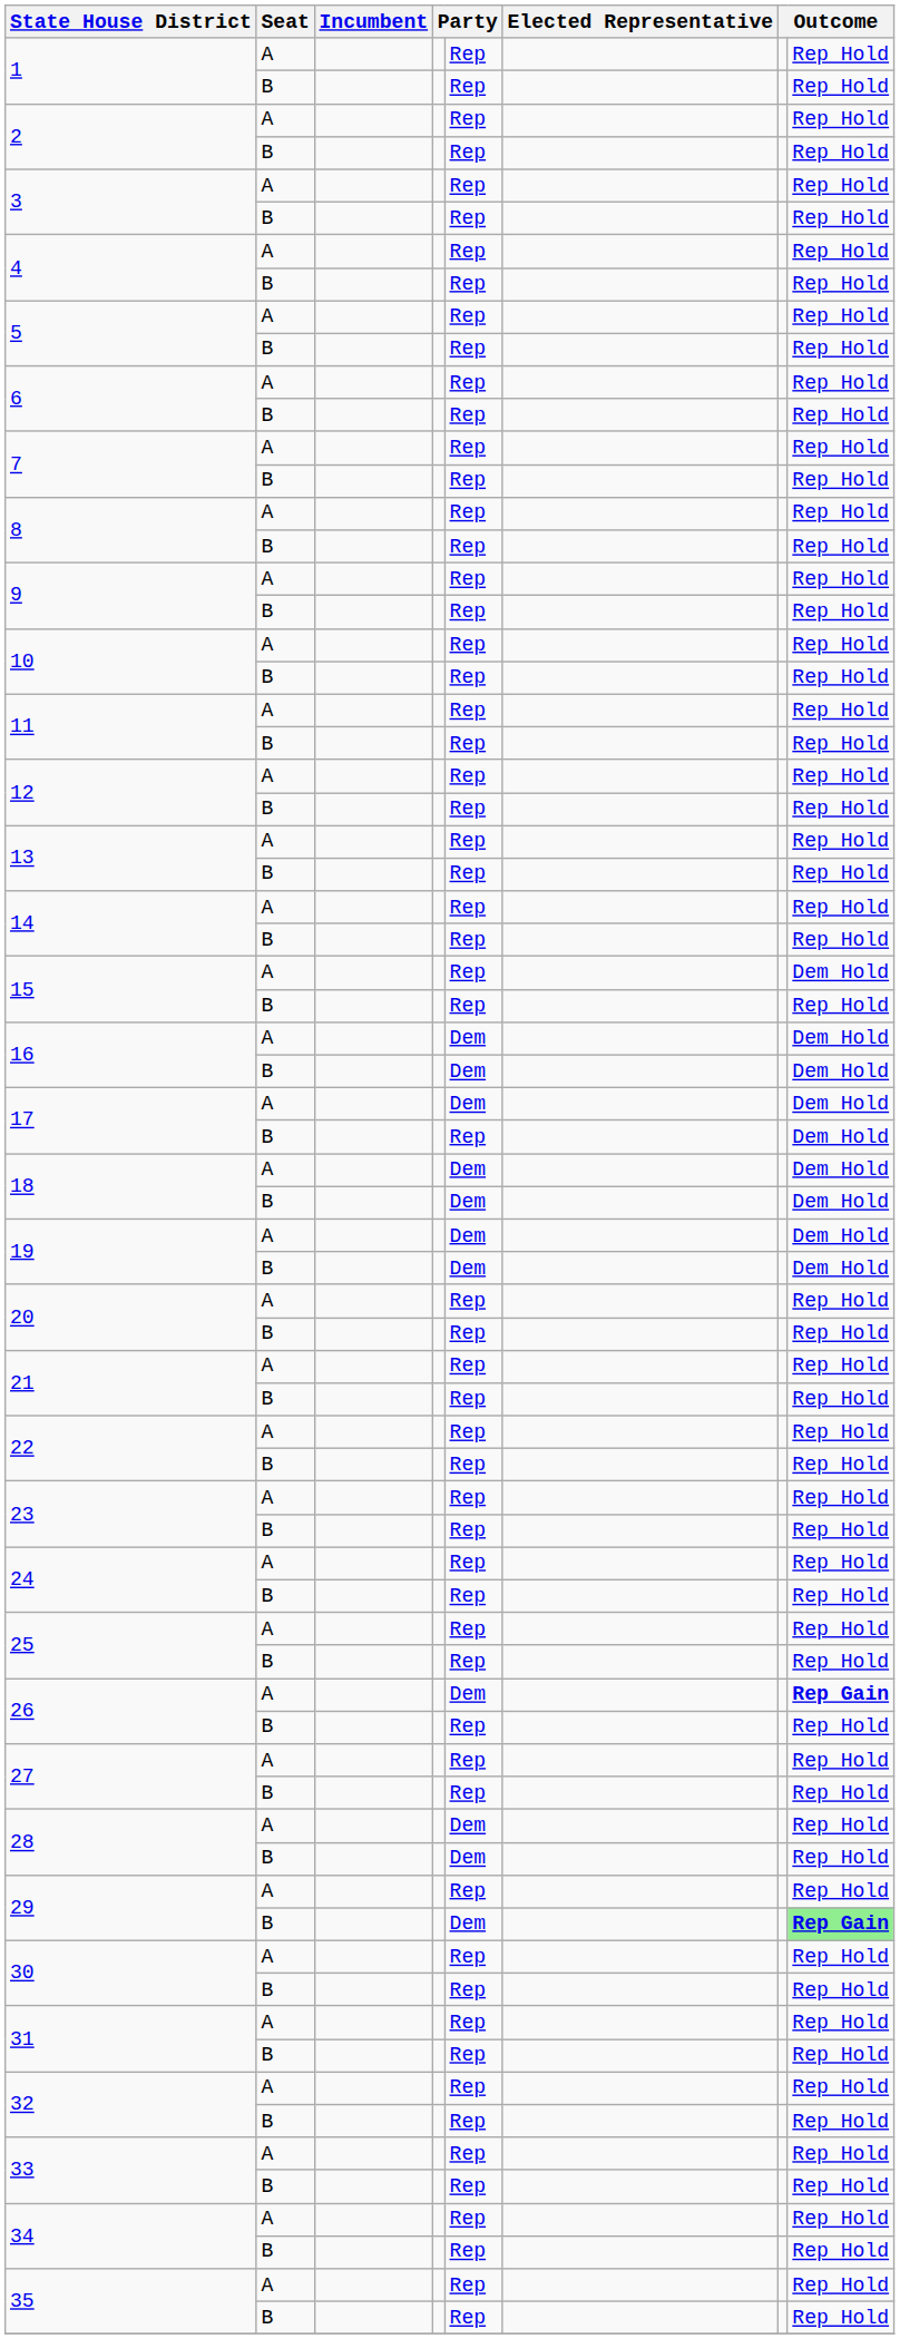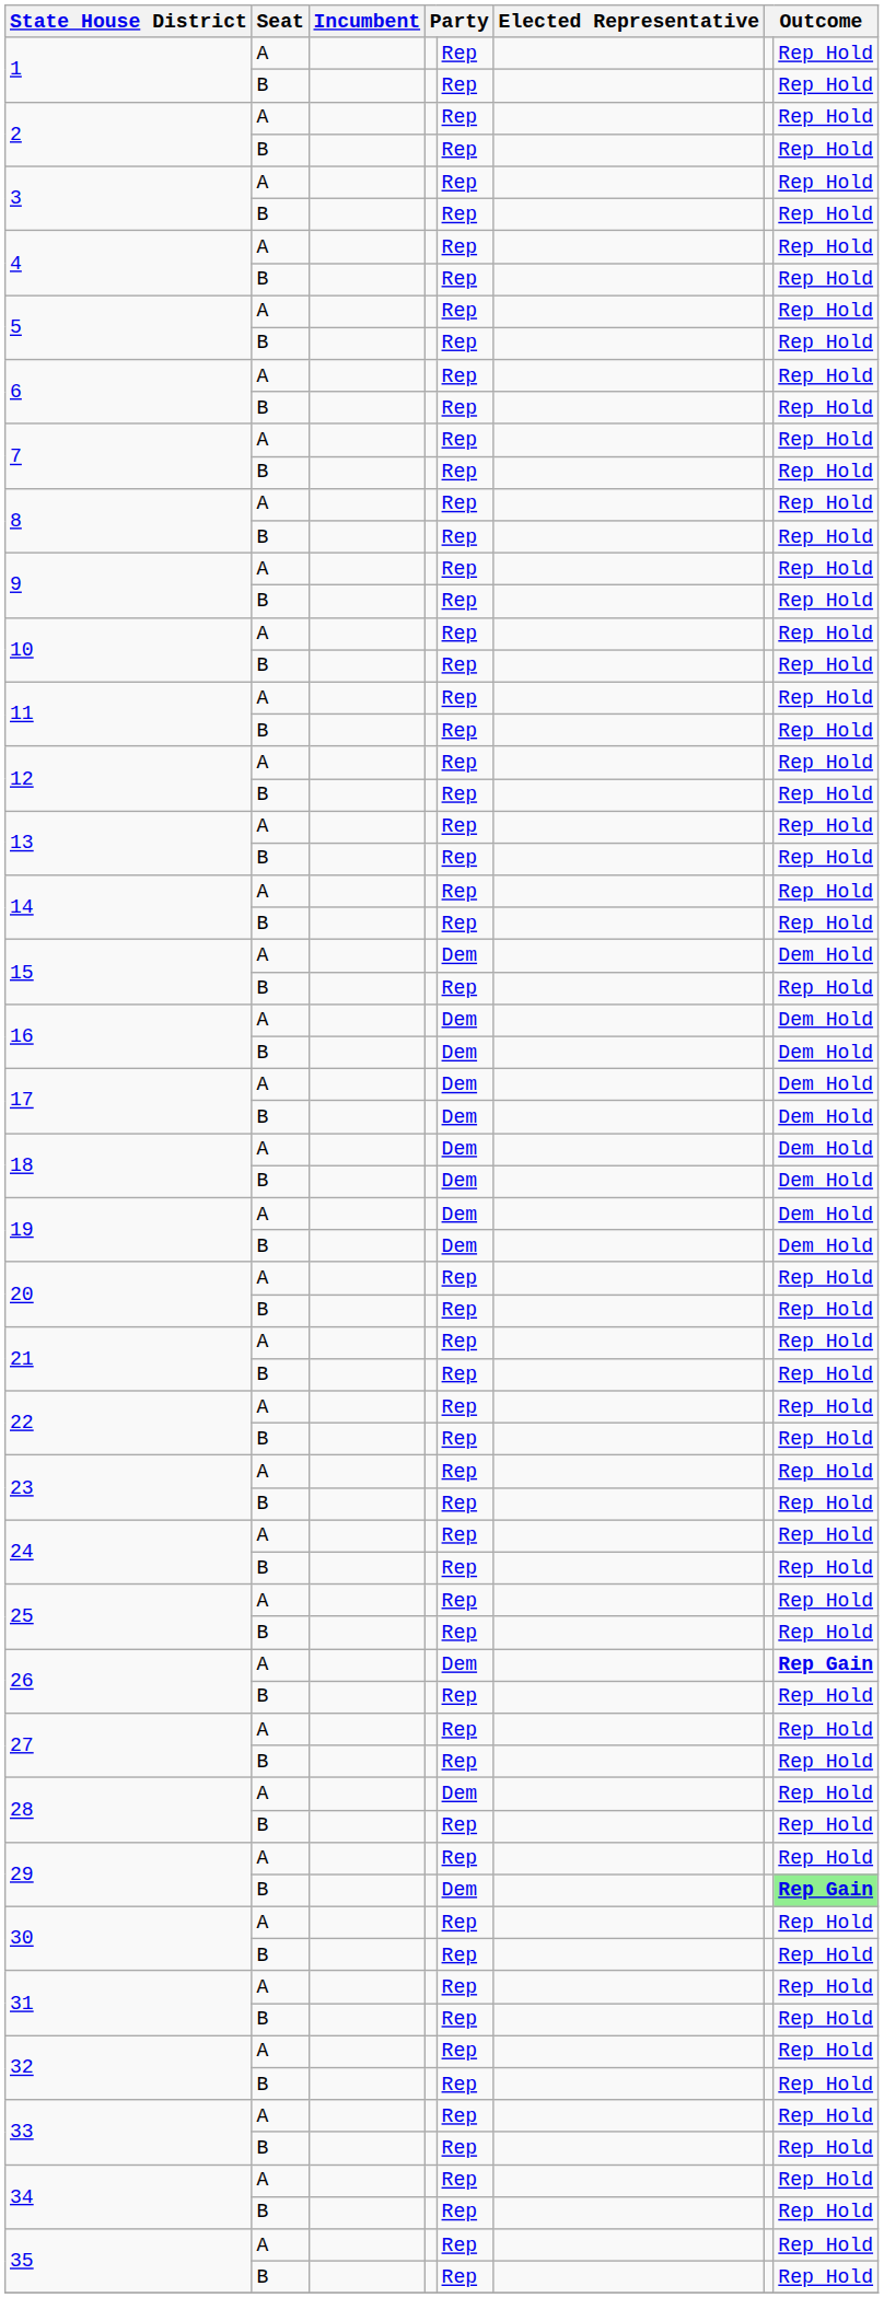 <table class="wikitable sortable">
 <tr>
 <th><a href='#'>State House</a> District</th>
 <th>Seat</th>
 <th><a href='#'>Incumbent</a></th>
 <th colspan="2">Party</th>
 <th>Elected Representative</th>
 <th colspan="2">Outcome</th>
 </tr>
 <tr>
 <td rowspan="2"><a href='#'>1</a></td>
 <td>A</td>
 <td></td>
 <td style="background:"></td>
 <td><a href='#'>Rep</a></td>
 <td></td>
 <td style="background:"></td>
 <td><a href='#'>Rep Hold</a></td>
 </tr>
 <tr>
 <td>B</td>
 <td></td>
 <td style="background:"></td>
 <td><a href='#'>Rep</a></td>
 <td><em></em></td>
 <td style="background:"></td>
 <td><a href='#'>Rep Hold</a></td>
 </tr>
 <tr>
 <td rowspan="2"><a href='#'>2</a></td>
 <td>A</td>
 <td></td>
 <td style="background:"></td>
 <td><a href='#'>Rep</a></td>
 <td></td>
 <td style="background:"></td>
 <td><a href='#'>Rep Hold</a></td>
 </tr>
 <tr>
 <td>B</td>
 <td></td>
 <td style="background:"></td>
 <td><a href='#'>Rep</a></td>
 <td></td>
 <td style="background:"></td>
 <td><a href='#'>Rep Hold</a></td>
 </tr>
 <tr>
 <td rowspan="2"><a href='#'>3</a></td>
 <td>A</td>
 <td></td>
 <td style="background:"></td>
 <td><a href='#'>Rep</a></td>
 <td></td>
 <td style="background:"></td>
 <td><a href='#'>Rep Hold</a></td>
 </tr>
 <tr>
 <td>B</td>
 <td></td>
 <td style="background:"></td>
 <td><a href='#'>Rep</a></td>
 <td></td>
 <td style="background:"></td>
 <td><a href='#'>Rep Hold</a></td>
 </tr>
 <tr>
 <td rowspan="2"><a href='#'>4</a></td>
 <td>A</td>
 <td></td>
 <td style="background:"></td>
 <td><a href='#'>Rep</a></td>
 <td></td>
 <td style="background:"></td>
 <td><a href='#'>Rep Hold</a></td>
 </tr>
 <tr>
 <td>B</td>
 <td></td>
 <td style="background:"></td>
 <td><a href='#'>Rep</a></td>
 <td></td>
 <td style="background:"></td>
 <td><a href='#'>Rep Hold</a></td>
 </tr>
 <tr>
 <td rowspan="2"><a href='#'>5</a></td>
 <td>A</td>
 <td></td>
 <td style="background:"></td>
 <td><a href='#'>Rep</a></td>
 <td></td>
 <td style="background:"></td>
 <td><a href='#'>Rep Hold</a></td>
 </tr>
 <tr>
 <td>B</td>
 <td></td>
 <td style="background:"></td>
 <td><a href='#'>Rep</a></td>
 <td></td>
 <td style="background:"></td>
 <td><a href='#'>Rep Hold</a></td>
 </tr>
 <tr>
 <td rowspan="2"><a href='#'>6</a></td>
 <td>A</td>
 <td></td>
 <td style="background:"></td>
 <td><a href='#'>Rep</a></td>
 <td></td>
 <td style="background:"></td>
 <td><a href='#'>Rep Hold</a></td>
 </tr>
 <tr>
 <td>B</td>
 <td></td>
 <td style="background:"></td>
 <td><a href='#'>Rep</a></td>
 <td></td>
 <td style="background:"></td>
 <td><a href='#'>Rep Hold</a></td>
 </tr>
 <tr>
 <td rowspan="2"><a href='#'>7</a></td>
 <td>A</td>
 <td></td>
 <td style="background:"></td>
 <td><a href='#'>Rep</a></td>
 <td><em></em></td>
 <td style="background:"></td>
 <td><a href='#'>Rep Hold</a></td>
 </tr>
 <tr>
 <td>B</td>
 <td></td>
 <td style="background:"></td>
 <td><a href='#'>Rep</a></td>
 <td></td>
 <td style="background:"></td>
 <td><a href='#'>Rep Hold</a></td>
 </tr>
 <tr>
 <td rowspan="2"><a href='#'>8</a></td>
 <td>A</td>
 <td></td>
 <td style="background:"></td>
 <td><a href='#'>Rep</a></td>
 <td><em></em></td>
 <td style="background:"></td>
 <td><a href='#'>Rep Hold</a></td>
 </tr>
 <tr>
 <td>B</td>
 <td></td>
 <td style="background:"></td>
 <td><a href='#'>Rep</a></td>
 <td><em></em></td>
 <td style="background:"></td>
 <td><a href='#'>Rep Hold</a></td>
 </tr>
 <tr>
 <td rowspan="2"><a href='#'>9</a></td>
 <td>A</td>
 <td></td>
 <td style="background:"></td>
 <td><a href='#'>Rep</a></td>
 <td><em></em></td>
 <td style="background:"></td>
 <td><a href='#'>Rep Hold</a></td>
 </tr>
 <tr>
 <td>B</td>
 <td></td>
 <td style="background:"></td>
 <td><a href='#'>Rep</a></td>
 <td></td>
 <td style="background:"></td>
 <td><a href='#'>Rep Hold</a></td>
 </tr>
 <tr>
 <td rowspan="2"><a href='#'>10</a></td>
 <td>A</td>
 <td></td>
 <td style="background:"></td>
 <td><a href='#'>Rep</a></td>
 <td></td>
 <td style="background:"></td>
 <td><a href='#'>Rep Hold</a></td>
 </tr>
 <tr>
 <td>B</td>
 <td></td>
 <td style="background:"></td>
 <td><a href='#'>Rep</a></td>
 <td></td>
 <td style="background:"></td>
 <td><a href='#'>Rep Hold</a></td>
 </tr>
 <tr>
 <td rowspan="2"><a href='#'>11</a></td>
 <td>A</td>
 <td></td>
 <td style="background:"></td>
 <td><a href='#'>Rep</a></td>
 <td><em></em></td>
 <td style="background:"></td>
 <td><a href='#'>Rep Hold</a></td>
 </tr>
 <tr>
 <td>B</td>
 <td></td>
 <td style="background:"></td>
 <td><a href='#'>Rep</a></td>
 <td><em></em></td>
 <td style="background:"></td>
 <td><a href='#'>Rep Hold</a></td>
 </tr>
 <tr>
 <td rowspan="2"><a href='#'>12</a></td>
 <td>A</td>
 <td></td>
 <td style="background:"></td>
 <td><a href='#'>Rep</a></td>
 <td></td>
 <td style="background:"></td>
 <td><a href='#'>Rep Hold</a></td>
 </tr>
 <tr>
 <td>B</td>
 <td></td>
 <td style="background:"></td>
 <td><a href='#'>Rep</a></td>
 <td></td>
 <td style="background:"></td>
 <td><a href='#'>Rep Hold</a></td>
 </tr>
 <tr>
 <td rowspan="2"><a href='#'>13</a></td>
 <td>A</td>
 <td></td>
 <td style="background:"></td>
 <td><a href='#'>Rep</a></td>
 <td></td>
 <td style="background:"></td>
 <td><a href='#'>Rep Hold</a></td>
 </tr>
 <tr>
 <td>B</td>
 <td></td>
 <td style="background:"></td>
 <td><a href='#'>Rep</a></td>
 <td><em></em></td>
 <td style="background:"></td>
 <td><a href='#'>Rep Hold</a></td>
 </tr>
 <tr>
 <td rowspan="2"><a href='#'>14</a></td>
 <td>A</td>
 <td></td>
 <td style="background:"></td>
 <td><a href='#'>Rep</a></td>
 <td></td>
 <td style="background:"></td>
 <td><a href='#'>Rep Hold</a></td>
 </tr>
 <tr>
 <td>B</td>
 <td></td>
 <td style="background:"></td>
 <td><a href='#'>Rep</a></td>
 <td></td>
 <td style="background:"></td>
 <td><a href='#'>Rep Hold</a></td>
 </tr>
 <tr>
 <td rowspan="2"><a href='#'>15</a></td>
 <td>A</td>
 <td></td>
 <td style="background:"></td>
-<td><a href='#'>Rep</a></td>
+<td><a href='#'>Dem</a></td>
 <td></td>
 <td style="background:"></td>
 <td><a href='#'>Dem Hold</a></td>
 </tr>
 <tr>
 <td>B</td>
 <td></td>
 <td style="background:"></td>
 <td><a href='#'>Rep</a></td>
 <td></td>
 <td style="background:"></td>
 <td><a href='#'>Rep Hold</a></td>
 </tr>
 <tr>
 <td rowspan="2"><a href='#'>16</a></td>
 <td>A</td>
 <td></td>
 <td style="background:"></td>
 <td><a href='#'>Dem</a></td>
 <td></td>
 <td style="background:"></td>
 <td><a href='#'>Dem Hold</a></td>
 </tr>
 <tr>
 <td>B</td>
 <td></td>
 <td style="background:"></td>
 <td><a href='#'>Dem</a></td>
 <td></td>
 <td style="background:"></td>
 <td><a href='#'>Dem Hold</a></td>
 </tr>
 <tr>
 <td rowspan="2"><a href='#'>17</a></td>
 <td>A</td>
 <td></td>
 <td style="background:"></td>
 <td><a href='#'>Dem</a></td>
 <td></td>
 <td style="background:"></td>
 <td><a href='#'>Dem Hold</a></td>
 </tr>
 <tr>
 <td>B</td>
 <td></td>
 <td style="background:"></td>
-<td><a href='#'>Rep</a></td>
+<td><a href='#'>Dem</a></td>
 <td></td>
 <td style="background:"></td>
 <td><a href='#'>Dem Hold</a></td>
 </tr>
 <tr>
 <td rowspan="2"><a href='#'>18</a></td>
 <td>A</td>
 <td></td>
 <td style="background:"></td>
 <td><a href='#'>Dem</a></td>
 <td></td>
 <td style="background:"></td>
 <td><a href='#'>Dem Hold</a></td>
 </tr>
 <tr>
 <td>B</td>
 <td></td>
 <td style="background:"></td>
 <td><a href='#'>Dem</a></td>
 <td></td>
 <td style="background:"></td>
 <td><a href='#'>Dem Hold</a></td>
 </tr>
 <tr>
 <td rowspan="2"><a href='#'>19</a></td>
 <td>A</td>
 <td></td>
 <td style="background:"></td>
 <td><a href='#'>Dem</a></td>
 <td><em></em></td>
 <td style="background:"></td>
 <td><a href='#'>Dem Hold</a></td>
 </tr>
 <tr>
 <td>B</td>
 <td></td>
 <td style="background:"></td>
 <td><a href='#'>Dem</a></td>
 <td></td>
 <td style="background:"></td>
 <td><a href='#'>Dem Hold</a></td>
 </tr>
 <tr>
 <td rowspan="2"><a href='#'>20</a></td>
 <td>A</td>
 <td></td>
 <td style="background:"></td>
 <td><a href='#'>Rep</a></td>
 <td></td>
 <td style="background:"></td>
 <td><a href='#'>Rep Hold</a></td>
 </tr>
 <tr>
 <td>B</td>
 <td></td>
 <td style="background:"></td>
 <td><a href='#'>Rep</a></td>
 <td></td>
 <td style="background:"></td>
 <td><a href='#'>Rep Hold</a></td>
 </tr>
 <tr>
 <td rowspan="2"><a href='#'>21</a></td>
 <td>A</td>
 <td></td>
 <td style="background:"></td>
 <td><a href='#'>Rep</a></td>
 <td></td>
 <td style="background:"></td>
 <td><a href='#'>Rep Hold</a></td>
 </tr>
 <tr>
 <td>B</td>
 <td></td>
 <td style="background:"></td>
 <td><a href='#'>Rep</a></td>
 <td></td>
 <td style="background:"></td>
 <td><a href='#'>Rep Hold</a></td>
 </tr>
 <tr>
 <td rowspan="2"><a href='#'>22</a></td>
 <td>A</td>
 <td></td>
 <td style="background:"></td>
 <td><a href='#'>Rep</a></td>
 <td></td>
 <td style="background:"></td>
 <td><a href='#'>Rep Hold</a></td>
 </tr>
 <tr>
 <td>B</td>
 <td></td>
 <td style="background:"></td>
 <td><a href='#'>Rep</a></td>
 <td></td>
 <td style="background:"></td>
 <td><a href='#'>Rep Hold</a></td>
 </tr>
 <tr>
 <td rowspan="2"><a href='#'>23</a></td>
 <td>A</td>
 <td></td>
 <td style="background:"></td>
 <td><a href='#'>Rep</a></td>
 <td><em></em></td>
 <td style="background:"></td>
 <td><a href='#'>Rep Hold</a></td>
 </tr>
 <tr>
 <td>B</td>
 <td></td>
 <td style="background:"></td>
 <td><a href='#'>Rep</a></td>
 <td><em></em></td>
 <td style="background:"></td>
 <td><a href='#'>Rep Hold</a></td>
 </tr>
 <tr>
 <td rowspan="2"><a href='#'>24</a></td>
 <td>A</td>
 <td></td>
 <td style="background:"></td>
 <td><a href='#'>Rep</a></td>
 <td><em></em></td>
 <td style="background:"></td>
 <td><a href='#'>Rep Hold</a></td>
 </tr>
 <tr>
 <td>B</td>
 <td></td>
 <td style="background:"></td>
 <td><a href='#'>Rep</a></td>
 <td></td>
 <td style="background:"></td>
 <td><a href='#'>Rep Hold</a></td>
 </tr>
 <tr>
 <td rowspan="2"><a href='#'>25</a></td>
 <td>A</td>
 <td></td>
 <td style="background:"></td>
 <td><a href='#'>Rep</a></td>
 <td></td>
 <td style="background:"></td>
 <td><a href='#'>Rep Hold</a></td>
 </tr>
 <tr>
 <td>B</td>
 <td></td>
 <td style="background:"></td>
 <td><a href='#'>Rep</a></td>
 <td><em></em></td>
 <td style="background:"></td>
 <td><a href='#'>Rep Hold</a></td>
 </tr>
 <tr>
 <td rowspan="2"><a href='#'>26</a></td>
 <td>A</td>
 <td></td>
 <td style="background:"></td>
 <td><a href='#'>Dem</a></td>
 <td><strong></strong></td>
 <td style="background:"></td>
 <td><strong><a href='#'>Rep Gain</a></strong></td>
 </tr>
 <tr>
 <td>B</td>
 <td></td>
 <td style="background:"></td>
 <td><a href='#'>Rep</a></td>
 <td></td>
 <td style="background:"></td>
 <td><a href='#'>Rep Hold</a></td>
 </tr>
 <tr>
 <td rowspan="2"><a href='#'>27</a></td>
 <td>A</td>
 <td></td>
 <td style="background:"></td>
 <td><a href='#'>Rep</a></td>
 <td></td>
 <td style="background:"></td>
 <td><a href='#'>Rep Hold</a></td>
 </tr>
 <tr>
 <td>B</td>
 <td></td>
 <td style="background:"></td>
 <td><a href='#'>Rep</a></td>
 <td></td>
 <td style="background:"></td>
 <td><a href='#'>Rep Hold</a></td>
 </tr>
 <tr>
 <td rowspan="2"><a href='#'>28</a></td>
 <td>A</td>
 <td></td>
 <td style="background:"></td>
 <td><a href='#'>Dem</a></td>
 <td></td>
 <td style="background:"></td>
 <td><a href='#'>Rep Hold</a></td>
 </tr>
 <tr>
 <td>B</td>
 <td></td>
 <td style="background:"></td>
-<td><a href='#'>Dem</a></td>
+<td><a href='#'>Rep</a></td>
 <td></td>
 <td style="background:"></td>
 <td><a href='#'>Rep Hold</a></td>
 </tr>
 <tr>
 <td rowspan="2"><a href='#'>29</a></td>
 <td>A</td>
 <td></td>
 <td style="background:"></td>
 <td><a href='#'>Rep</a></td>
 <td></td>
 <td style="background:"></td>
 <td><a href='#'>Rep Hold</a></td>
 </tr>
 <tr>
 <td>B</td>
 <td></td>
 <td style="background:"></td>
 <td><a href='#'>Dem</a></td>
 <td><strong></strong></td>
 <td style="background:"></td>
 <td style="background: lightgreen;"><strong><a href='#'>Rep Gain</a></strong></td>
 </tr>
 <tr>
 <td rowspan="2"><a href='#'>30</a></td>
 <td>A</td>
 <td></td>
 <td style="background:"></td>
 <td><a href='#'>Rep</a></td>
 <td></td>
 <td style="background:"></td>
 <td><a href='#'>Rep Hold</a></td>
 </tr>
 <tr>
 <td>B</td>
 <td></td>
 <td style="background:"></td>
 <td><a href='#'>Rep</a></td>
 <td><em></em></td>
 <td style="background:"></td>
 <td><a href='#'>Rep Hold</a></td>
 </tr>
 <tr>
 <td rowspan="2"><a href='#'>31</a></td>
 <td>A</td>
 <td></td>
 <td style="background:"></td>
 <td><a href='#'>Rep</a></td>
 <td></td>
 <td style="background:"></td>
 <td><a href='#'>Rep Hold</a></td>
 </tr>
 <tr>
 <td>B</td>
 <td></td>
 <td style="background:"></td>
 <td><a href='#'>Rep</a></td>
 <td></td>
 <td style="background:"></td>
 <td><a href='#'>Rep Hold</a></td>
 </tr>
 <tr>
 <td rowspan="2"><a href='#'>32</a></td>
 <td>A</td>
 <td></td>
 <td style="background:"></td>
 <td><a href='#'>Rep</a></td>
 <td></td>
 <td style="background:"></td>
 <td><a href='#'>Rep Hold</a></td>
 </tr>
 <tr>
 <td>B</td>
 <td></td>
 <td style="background:"></td>
 <td><a href='#'>Rep</a></td>
 <td></td>
 <td style="background:"></td>
 <td><a href='#'>Rep Hold</a></td>
 </tr>
 <tr>
 <td rowspan="2"><a href='#'>33</a></td>
 <td>A</td>
 <td></td>
 <td style="background:"></td>
 <td><a href='#'>Rep</a></td>
 <td></td>
 <td style="background:"></td>
 <td><a href='#'>Rep Hold</a></td>
 </tr>
 <tr>
 <td>B</td>
 <td></td>
 <td style="background:"></td>
 <td><a href='#'>Rep</a></td>
 <td></td>
 <td style="background:"></td>
 <td><a href='#'>Rep Hold</a></td>
 </tr>
 <tr>
 <td rowspan="2"><a href='#'>34</a></td>
 <td>A</td>
 <td></td>
 <td style="background:"></td>
 <td><a href='#'>Rep</a></td>
 <td></td>
 <td style="background:"></td>
 <td><a href='#'>Rep Hold</a></td>
 </tr>
 <tr>
 <td>B</td>
 <td></td>
 <td style="background:"></td>
 <td><a href='#'>Rep</a></td>
 <td></td>
 <td style="background:"></td>
 <td><a href='#'>Rep Hold</a></td>
 </tr>
 <tr>
 <td rowspan="2"><a href='#'>35</a></td>
 <td>A</td>
 <td></td>
 <td style="background:"></td>
 <td><a href='#'>Rep</a></td>
 <td></td>
 <td style="background:"></td>
 <td><a href='#'>Rep Hold</a></td>
 </tr>
 <tr>
 <td>B</td>
 <td></td>
 <td style="background:"></td>
 <td><a href='#'>Rep</a></td>
 <td></td>
 <td style="background:"></td>
 <td><a href='#'>Rep Hold</a></td>
 </tr>
 <tr>
 </tr>
 </table>
